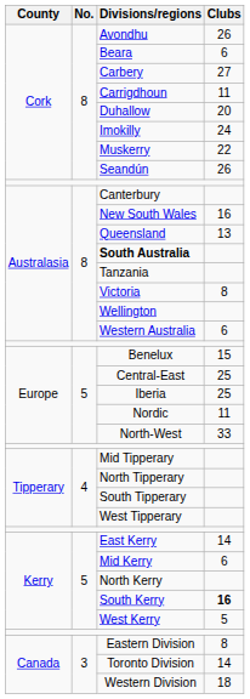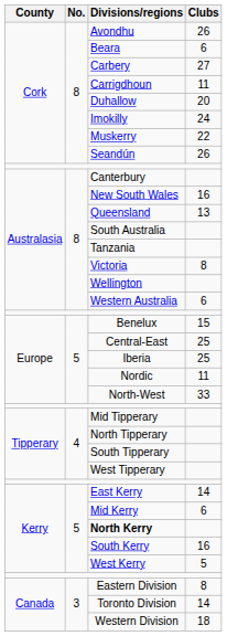 <table class="wikitable sortable" style="text-align:center">
 <tr>
 <th>County</th>
 <th>No.</th>
 <th>Divisions/regions</th>
 <th>Clubs</th>
 </tr>
 <tr>
 <td rowspan="8"><a href='#'>Cork</a></td>
 <td rowspan="8">8</td>
 <td style="text-align:left"><a href='#'>Avondhu</a></td>
 <td>26</td>
 </tr>
 <tr>
 <td style="text-align:left"><a href='#'>Beara</a></td>
 <td>6</td>
 </tr>
 <tr>
 <td style="text-align:left"><a href='#'>Carbery</a></td>
 <td>27</td>
 </tr>
 <tr>
 <td style="text-align:left"><a href='#'>Carrigdhoun</a></td>
 <td>11</td>
 </tr>
 <tr>
 <td style="text-align:left"><a href='#'>Duhallow</a></td>
 <td>20</td>
 </tr>
 <tr>
 <td style="text-align:left"><a href='#'>Imokilly</a></td>
 <td>24</td>
 </tr>
 <tr>
 <td style="text-align:left"><a href='#'>Muskerry</a></td>
 <td>22</td>
 </tr>
 <tr>
 <td style="text-align:left"><a href='#'>Seandún</a></td>
 <td>26</td>
 </tr>
 <tr>
 <td colspan="4"></td>
 </tr>
 <tr>
 <td rowspan="8"><a href='#'>Australasia</a></td>
 <td rowspan="8">8</td>
 <td style="text-align:left">Canterbury</td>
 <td></td>
 </tr>
 <tr>
 <td style="text-align:left"><a href='#'>New South Wales</a></td>
 <td>16</td>
 </tr>
 <tr>
 <td style="text-align:left"><a href='#'>Queensland</a></td>
 <td>13</td>
 </tr>
 <tr>
-<td style="text-align:left"><strong>South Australia</strong></td>
+<td style="text-align:left">South Australia</td>
 <td></td>
 </tr>
 <tr>
 <td style="text-align:left">Tanzania</td>
 <td></td>
 </tr>
 <tr>
 <td style="text-align:left"><a href='#'>Victoria</a></td>
 <td>8</td>
 </tr>
 <tr>
 <td style="text-align:left"><a href='#'>Wellington</a></td>
 <td></td>
 </tr>
 <tr>
 <td style="text-align:left"><a href='#'>Western Australia</a></td>
 <td>6</td>
 </tr>
 <tr>
 <td colspan="4"></td>
 </tr>
 <tr>
 <td rowspan="5">Europe</td>
 <td rowspan="5">5</td>
 <td>Benelux</td>
 <td>15</td>
 </tr>
 <tr>
 <td>Central-East</td>
 <td>25</td>
 </tr>
 <tr>
 <td>Iberia</td>
 <td>25</td>
 </tr>
 <tr>
 <td>Nordic</td>
 <td>11</td>
 </tr>
 <tr>
 <td>North-West</td>
 <td>33</td>
 </tr>
 <tr>
 <td colspan="4"></td>
 </tr>
 <tr>
 <td rowspan="4"><a href='#'>Tipperary</a></td>
 <td rowspan="4">4</td>
 <td style="text-align:left">Mid Tipperary</td>
 <td></td>
 </tr>
 <tr>
 <td style="text-align:left">North Tipperary</td>
 <td></td>
 </tr>
 <tr>
 <td style="text-align:left">South Tipperary</td>
 <td></td>
 </tr>
 <tr>
 <td style="text-align:left">West Tipperary</td>
 <td></td>
 </tr>
 <tr>
 <td colspan="4"></td>
 </tr>
 <tr>
 <td rowspan="5"><a href='#'>Kerry</a></td>
 <td rowspan="5">5</td>
 <td style="text-align:left"><a href='#'>East Kerry</a></td>
 <td>14</td>
 </tr>
 <tr>
 <td style="text-align:left"><a href='#'>Mid Kerry</a></td>
 <td>6</td>
 </tr>
 <tr>
-<td style="text-align:left">North Kerry</td>
+<td style="text-align:left"><strong>North Kerry</strong></td>
 <td></td>
 </tr>
 <tr>
 <td style="text-align:left"><a href='#'>South Kerry</a></td>
-<td><strong>16</strong></td>
+<td>16</td>
 </tr>
 <tr>
 <td style="text-align:left"><a href='#'>West Kerry</a></td>
 <td>5</td>
 </tr>
 <tr>
 <td colspan="4"></td>
 </tr>
 <tr>
 <td rowspan="3"><a href='#'>Canada</a></td>
 <td rowspan="3">3</td>
 <td>Eastern Division</td>
 <td>8</td>
 </tr>
 <tr>
 <td>Toronto Division</td>
 <td>14</td>
 </tr>
 <tr>
 <td>Western Division</td>
 <td>18</td>
 </tr>
 </table>
